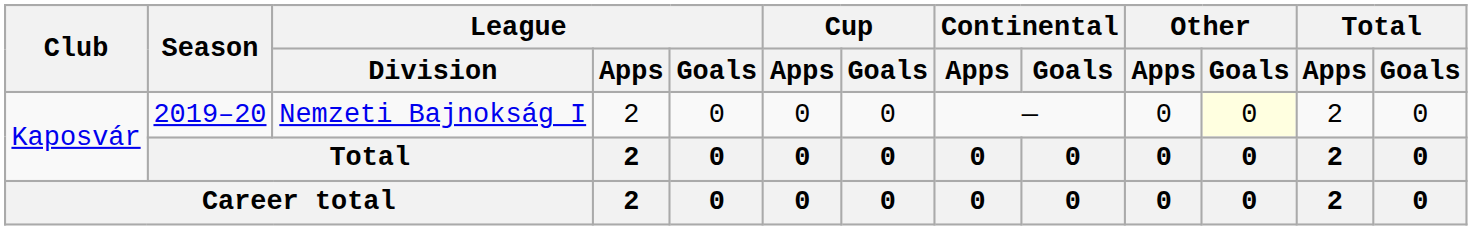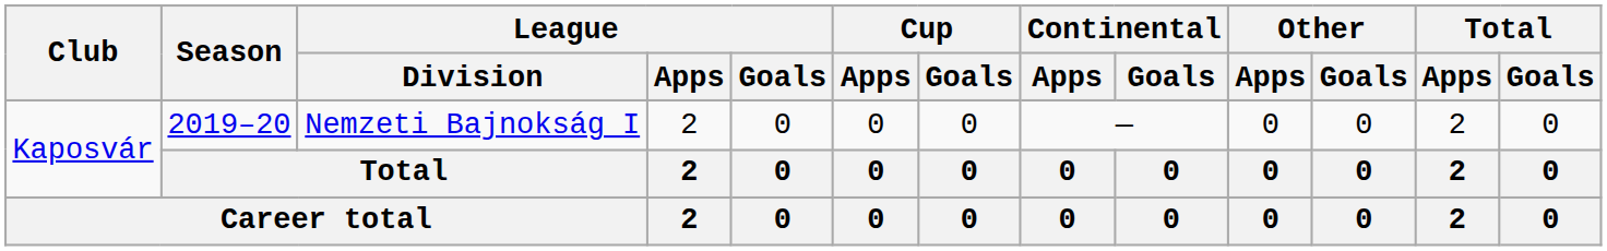 <table class="wikitable" style="text-align:center">
 <tr>
 <th rowspan="2">Club</th>
 <th rowspan="2">Season</th>
 <th colspan="3">League</th>
 <th colspan="2">Cup</th>
 <th colspan="2">Continental</th>
 <th colspan="2">Other</th>
 <th colspan="2">Total</th>
 </tr>
 <tr>
 <th>Division</th>
 <th>Apps</th>
 <th>Goals</th>
 <th>Apps</th>
 <th>Goals</th>
 <th>Apps</th>
 <th>Goals</th>
 <th>Apps</th>
 <th>Goals</th>
 <th>Apps</th>
 <th>Goals</th>
 </tr>
 <tr>
 <td rowspan="2"><a href='#'>Kaposvár</a></td>
 <td><a href='#'>2019–20</a></td>
 <td><a href='#'>Nemzeti Bajnokság I</a></td>
 <td>2</td>
 <td>0</td>
 <td>0</td>
 <td>0</td>
 <td colspan="2">—</td>
 <td>0</td>
-<td style="background: lightyellow;">0</td>
+<td>0</td>
 <td>2</td>
 <td>0</td>
 </tr>
 <tr>
 <th colspan="2">Total</th>
 <th>2</th>
 <th>0</th>
 <th>0</th>
 <th>0</th>
 <th>0</th>
 <th>0</th>
 <th>0</th>
 <th>0</th>
 <th>2</th>
 <th>0</th>
 </tr>
 <tr>
 <th colspan="3">Career total</th>
 <th>2</th>
 <th>0</th>
 <th>0</th>
 <th>0</th>
 <th>0</th>
 <th>0</th>
 <th>0</th>
 <th>0</th>
 <th>2</th>
 <th>0</th>
 </tr>
 </table>
